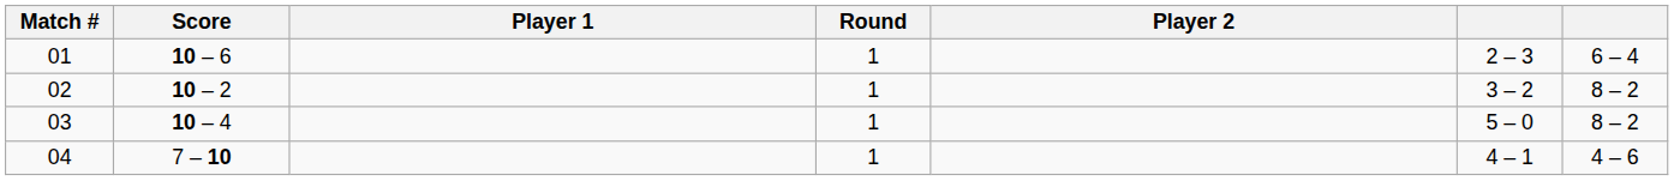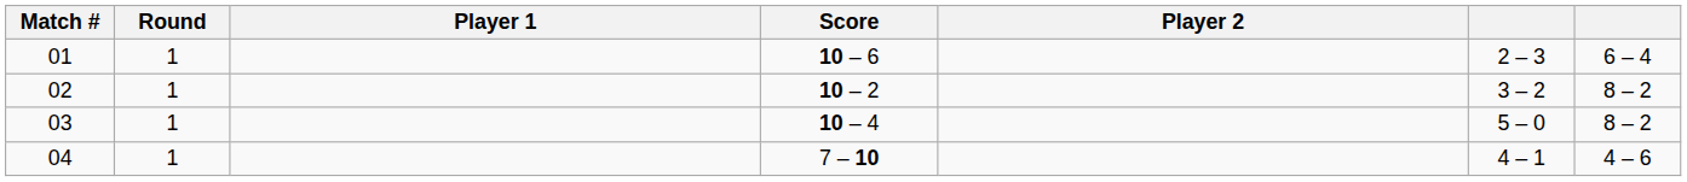 <table class="wikitable">
 <tr>
 <th width="2%">Match #</th>
+<th width="2%">Round</th>
+<th width="15%">Player 1</th>
 <th width="5%">Score</th>
-<th width="15%">Player 1</th>
-<th width="2%">Round</th>
 <th width="15%">Player 2</th>
 <th width="3%"></th>
 <th width="3%"></th>
 </tr>
 <tr style=text-align:center;"background:#;">
 <td>01</td>
+<td>1</td>
+<td></td>
 <td><strong>10</strong> – 6</td>
-<td></td>
-<td>1</td>
 <td></td>
 <td>2 – 3</td>
 <td>6 – 4</td>
 </tr>
 <tr style=text-align:center;"background:#;">
 <td>02</td>
+<td>1</td>
+<td></td>
 <td><strong>10</strong> – 2</td>
-<td></td>
-<td>1</td>
 <td></td>
 <td>3 – 2</td>
 <td>8 – 2</td>
 </tr>
 <tr style=text-align:center;"background:#;">
 <td>03</td>
+<td>1</td>
+<td></td>
 <td><strong>10</strong> – 4</td>
-<td></td>
-<td>1</td>
 <td></td>
 <td>5 – 0</td>
 <td>8 – 2</td>
 </tr>
 <tr style=text-align:center;"background:#;">
 <td>04</td>
+<td>1</td>
+<td></td>
 <td>7 – <strong>10</strong></td>
-<td></td>
-<td>1</td>
 <td></td>
 <td>4 – 1</td>
 <td>4 – 6</td>
 </tr>
 </table>
